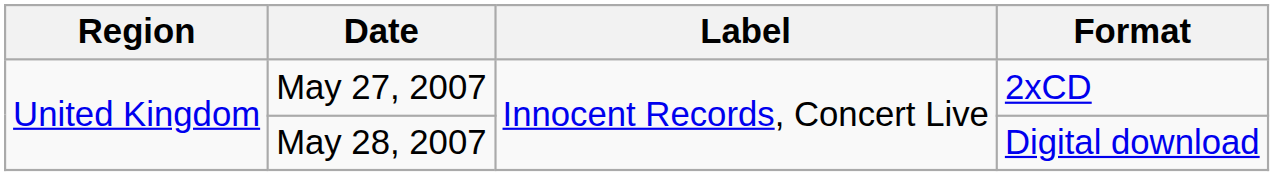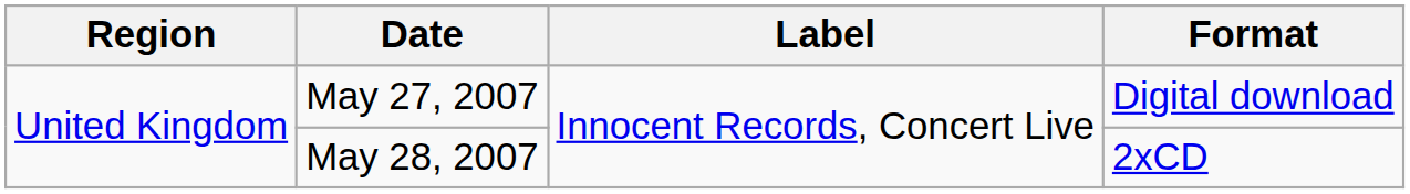 <table class="wikitable">
 <tr>
 <th>Region</th>
 <th>Date</th>
 <th>Label</th>
 <th>Format</th>
 </tr>
 <tr>
 <td rowspan=2><a href='#'>United Kingdom</a></td>
 <td>May 27, 2007</td>
 <td rowspan=2><a href='#'>Innocent Records</a>, Concert Live</td>
-<td><a href='#'>2xCD</a></td>
+<td><a href='#'>Digital download</a></td>
 </tr>
 <tr>
 <td>May 28, 2007</td>
-<td><a href='#'>Digital download</a></td>
+<td><a href='#'>2xCD</a></td>
 </tr>
 </table>
